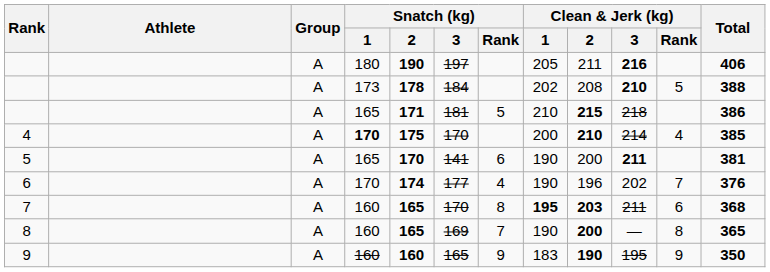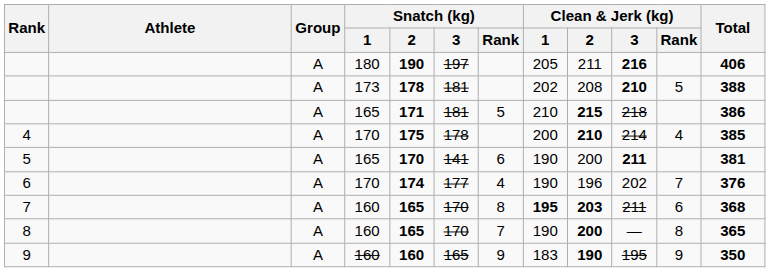 <table class = "wikitable" style="text-align:center;">
 <tr>
 <th rowspan=2 width=40>Rank</th>
 <th rowspan=2 width=250>Athlete</th>
 <th rowspan=2 width=50>Group</th>
 <th colspan=4>Snatch (kg)</th>
 <th colspan=4>Clean & Jerk (kg)</th>
 <th rowspan=2 width=60>Total</th>
 </tr>
 <tr>
 <th width=40>1</th>
 <th width=40>2</th>
 <th width=40>3</th>
 <th width=40>Rank</th>
 <th width=40>1</th>
 <th width=40>2</th>
 <th width=40>3</th>
 <th width=40>Rank</th>
 </tr>
 <tr>
 <td></td>
 <td align=left></td>
 <td>A</td>
 <td>180</td>
 <td><strong>190</strong></td>
 <td><s>197</s></td>
 <td></td>
 <td>205</td>
 <td>211</td>
 <td><strong>216</strong></td>
 <td></td>
 <td><strong>406</strong></td>
 </tr>
 <tr>
 <td></td>
 <td align=left></td>
 <td>A</td>
 <td>173</td>
 <td><strong>178</strong></td>
-<td><s>184</s></td>
+<td><s>181</s></td>
 <td></td>
 <td>202</td>
 <td>208</td>
 <td><strong>210</strong></td>
 <td>5</td>
 <td><strong>388</strong></td>
 </tr>
 <tr>
 <td></td>
 <td align=left></td>
 <td>A</td>
 <td>165</td>
 <td><strong>171</strong></td>
 <td><s>181</s></td>
 <td>5</td>
 <td>210</td>
 <td><strong>215</strong></td>
 <td><s>218</s></td>
 <td></td>
 <td><strong>386</strong></td>
 </tr>
 <tr>
 <td>4</td>
 <td align=left></td>
 <td>A</td>
-<td><strong>170</strong></td>
+<td>170</td>
 <td><strong>175</strong></td>
-<td><s>170</s></td>
+<td><s>178</s></td>
 <td></td>
 <td>200</td>
 <td><strong>210</strong></td>
 <td><s>214</s></td>
 <td>4</td>
 <td><strong>385</strong></td>
 </tr>
 <tr>
 <td>5</td>
 <td align=left></td>
 <td>A</td>
 <td>165</td>
 <td><strong>170</strong></td>
 <td><s>141</s></td>
 <td>6</td>
 <td>190</td>
 <td>200</td>
 <td><strong>211</strong></td>
 <td></td>
 <td><strong>381</strong></td>
 </tr>
 <tr>
 <td>6</td>
 <td align=left></td>
 <td>A</td>
 <td>170</td>
 <td><strong>174</strong></td>
 <td><s>177</s></td>
 <td>4</td>
 <td>190</td>
 <td>196</td>
 <td>202</td>
 <td>7</td>
 <td><strong>376</strong></td>
 </tr>
 <tr>
 <td>7</td>
 <td align=left></td>
 <td>A</td>
 <td>160</td>
 <td><strong>165</strong></td>
 <td><s>170</s></td>
 <td>8</td>
 <td><strong>195</strong></td>
 <td><strong>203</strong></td>
 <td><s>211</s></td>
 <td>6</td>
 <td><strong>368</strong></td>
 </tr>
 <tr>
 <td>8</td>
 <td align=left></td>
 <td>A</td>
 <td>160</td>
 <td><strong>165</strong></td>
-<td><s>169</s></td>
+<td><s>170</s></td>
 <td>7</td>
 <td>190</td>
 <td><strong>200</strong></td>
 <td>—</td>
 <td>8</td>
 <td><strong>365</strong></td>
 </tr>
 <tr>
 <td>9</td>
 <td align=left></td>
 <td>A</td>
 <td><s>160</s></td>
 <td><strong>160</strong></td>
 <td><s>165</s></td>
 <td>9</td>
 <td>183</td>
 <td><strong>190</strong></td>
 <td><s>195</s></td>
 <td>9</td>
 <td><strong>350<em></td>
 </tr>
 </table>
